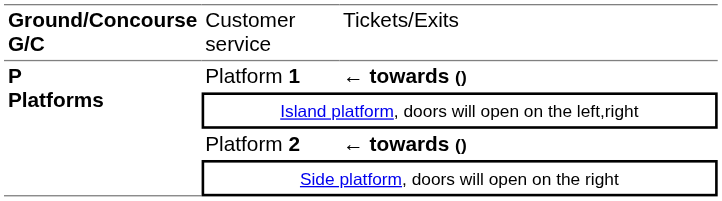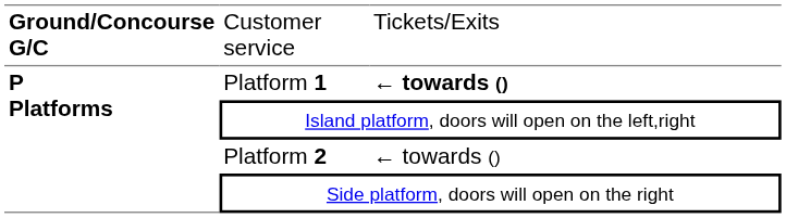 <table table border=0 cellspacing=0 cellpadding=3>
 <tr>
 <td style="border-top:solid 1px gray;" width=50 valign=top><strong>Ground/Concourse<br>G/C</strong></td>
 <td style="border-top:solid 1px gray;" width=100 valign=top>Customer service</td>
 <td style="border-top:solid 1px gray;" width=285 valign=top>Tickets/Exits</td>
 </tr>
 <tr>
 <td style="border-top:solid 1px gray;border-bottom:solid 1px gray;" rowspan=5 valign=top><strong>P<br>Platforms</strong></td>
 </tr>
 <tr>
 <td style="border-top:solid 1px gray;">Platform <span><strong>1</strong></span></td>
 <td style="border-top:solid 1px gray;"><strong>←  towards  <small>()</small></strong></td>
 </tr>
 <tr>
 <td style="border-bottom:solid 2px black;border-top:solid 2px black;border-right:solid 2px black;border-left:solid 2px black;text-align:center;" colspan=2><small><a href='#'>Island platform</a>, doors will open on the left,right</small></td>
 </tr>
 <tr>
 <td>Platform <span><strong>2</strong></span></td>
-<td><strong>←  towards  <small>()</small></strong></td>
+<td>←  towards  <small>()</small></td>
 </tr>
 <tr>
 <td style="border-top:solid 2px black;border-left:solid 2px black;border-right:solid 2px black;border-bottom:solid 2px black;text-align:center;" colspan=2><small><a href='#'>Side platform</a>, doors will open on the right</small></td>
 </tr>
 </table>
